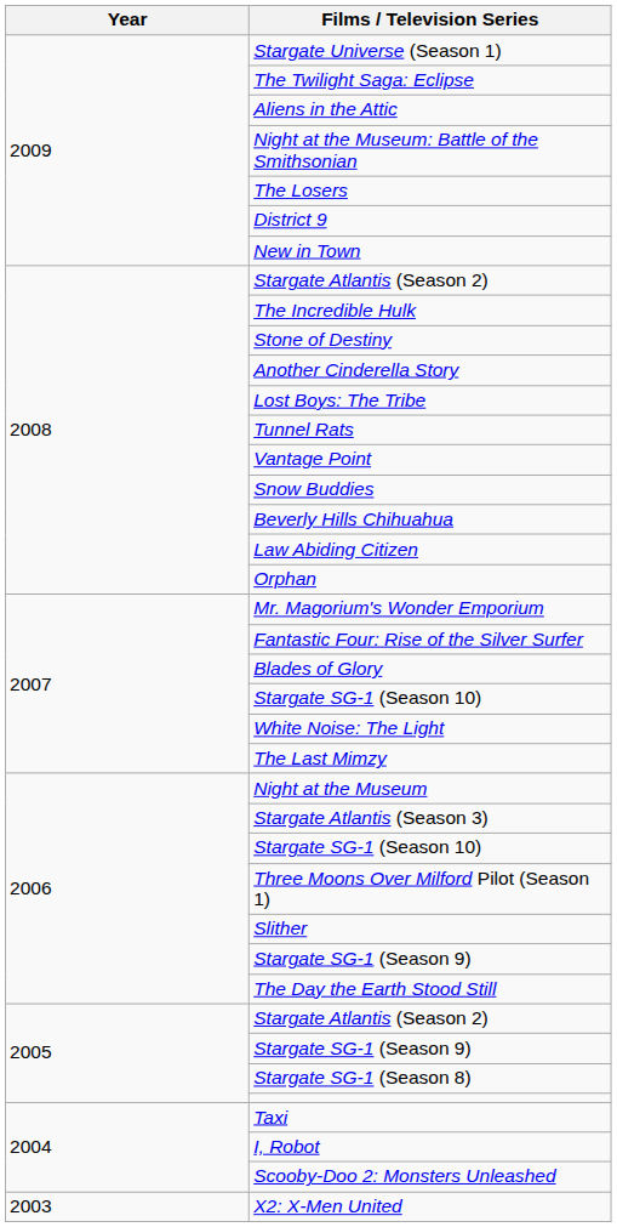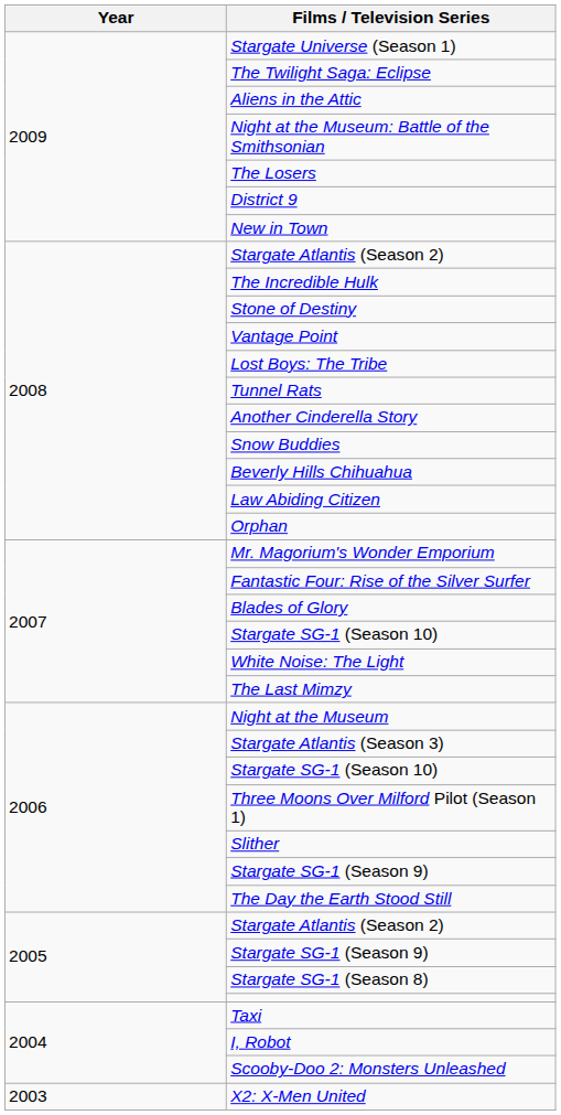 <table class="wikitable sortable">
 <tr>
 <th scope="col" style="width: 200px;">Year</th>
 <th scope="col" style="width: 300px;">Films / Television Series</th>
 </tr>
 <tr>
 <td rowspan="7">2009</td>
 <td><em><a href='#'>Stargate Universe</a></em> (Season 1)</td>
 </tr>
 <tr>
 <td><em><a href='#'>The Twilight Saga: Eclipse</a></em></td>
 </tr>
 <tr>
 <td><em><a href='#'>Aliens in the Attic</a></em></td>
 </tr>
 <tr>
 <td><em><a href='#'>Night at the Museum: Battle of the Smithsonian</a></em></td>
 </tr>
 <tr>
 <td><em><a href='#'>The Losers</a></em></td>
 </tr>
 <tr>
 <td><em><a href='#'>District 9</a></em></td>
 </tr>
 <tr>
 <td><em><a href='#'>New in Town</a></em></td>
 </tr>
 <tr>
 <td rowspan="11">2008</td>
 <td><em><a href='#'>Stargate Atlantis</a></em> (Season 2)</td>
 </tr>
 <tr>
 <td><em><a href='#'>The Incredible Hulk</a></em></td>
 </tr>
 <tr>
 <td><em><a href='#'>Stone of Destiny</a></em></td>
 </tr>
 <tr>
-<td><em><a href='#'>Another Cinderella Story</a></em></td>
+<td><em><a href='#'>Vantage Point</a></em></td>
 </tr>
 <tr>
 <td><em><a href='#'>Lost Boys: The Tribe</a></em></td>
 </tr>
 <tr>
 <td><em><a href='#'>Tunnel Rats</a></em></td>
 </tr>
 <tr>
-<td><em><a href='#'>Vantage Point</a></em></td>
+<td><em><a href='#'>Another Cinderella Story</a></em></td>
 </tr>
 <tr>
 <td><em><a href='#'>Snow Buddies</a></em></td>
 </tr>
 <tr>
 <td><em><a href='#'>Beverly Hills Chihuahua</a></em></td>
 </tr>
 <tr>
 <td><em><a href='#'>Law Abiding Citizen</a></em></td>
 </tr>
 <tr>
 <td><em><a href='#'>Orphan</a></em></td>
 </tr>
 <tr>
 <td rowspan="6">2007</td>
 <td><em><a href='#'>Mr. Magorium's Wonder Emporium</a></em></td>
 </tr>
 <tr>
 <td><em><a href='#'>Fantastic Four: Rise of the Silver Surfer</a></em></td>
 </tr>
 <tr>
 <td><em><a href='#'>Blades of Glory</a></em></td>
 </tr>
 <tr>
 <td><em><a href='#'>Stargate SG-1</a></em> (Season 10)</td>
 </tr>
 <tr>
 <td><em><a href='#'>White Noise: The Light</a></em></td>
 </tr>
 <tr>
 <td><em><a href='#'>The Last Mimzy</a></em></td>
 </tr>
 <tr>
 <td rowspan="7">2006</td>
 <td><em><a href='#'>Night at the Museum</a></em></td>
 </tr>
 <tr>
 <td><em><a href='#'>Stargate Atlantis</a></em> (Season 3)</td>
 </tr>
 <tr>
 <td><em><a href='#'>Stargate SG-1</a></em> (Season 10)</td>
 </tr>
 <tr>
 <td><em><a href='#'>Three Moons Over Milford</a></em> Pilot (Season 1)</td>
 </tr>
 <tr>
 <td><em><a href='#'>Slither</a></em></td>
 </tr>
 <tr>
 <td><em><a href='#'>Stargate SG-1</a></em> (Season 9)</td>
 </tr>
 <tr>
 <td><em><a href='#'>The Day the Earth Stood Still</a></em></td>
 </tr>
 <tr>
 <td rowspan="4">2005</td>
 <td><em><a href='#'>Stargate Atlantis</a></em> (Season 2)</td>
 </tr>
 <tr>
 <td><em><a href='#'>Stargate SG-1</a></em> (Season 9)</td>
 </tr>
 <tr>
 <td><em><a href='#'>Stargate SG-1</a></em> (Season 8)</td>
 </tr>
 <tr>
 <td></td>
 </tr>
 <tr>
 <td colspan="1" rowspan="3">2004</td>
 <td><em><a href='#'>Taxi</a></em></td>
 </tr>
 <tr>
 <td><em><a href='#'>I, Robot</a></em></td>
 </tr>
 <tr>
 <td><em><a href='#'>Scooby-Doo 2: Monsters Unleashed</a></em></td>
 </tr>
 <tr>
 <td>2003</td>
 <td><em><a href='#'>X2: X-Men United</a></em></td>
 </tr>
 </table>
